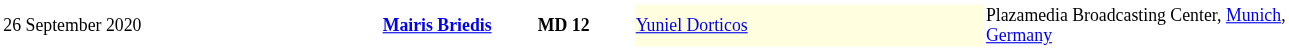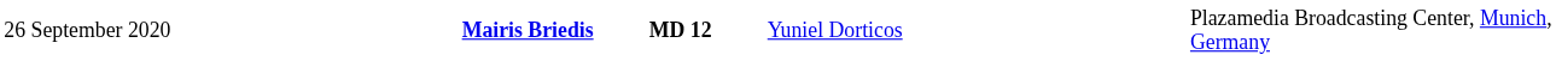 <table cellspacing="1" style="width:100%;">
 <tr>
 <th width="15%"></th>
 <th width="25%"></th>
 <th width="10%"></th>
 <th width="25%"></th>
 </tr>
 <tr style="font-size:100%">
 <td align="right">26 September 2020</td>
 <td align="right"><strong><a href='#'>Mairis Briedis</a> </strong></td>
 <td align="center"><strong>MD 12</strong></td>
-<td style="background: lightyellow;"><strong></strong> <a href='#'>Yuniel Dorticos</a></td>
+<td><strong></strong> <a href='#'>Yuniel Dorticos</a></td>
 <td>Plazamedia Broadcasting Center, <a href='#'>Munich</a>, <a href='#'>Germany</a></td>
 </tr>
 </table>
